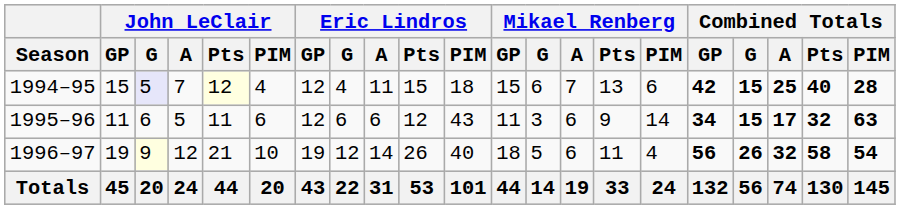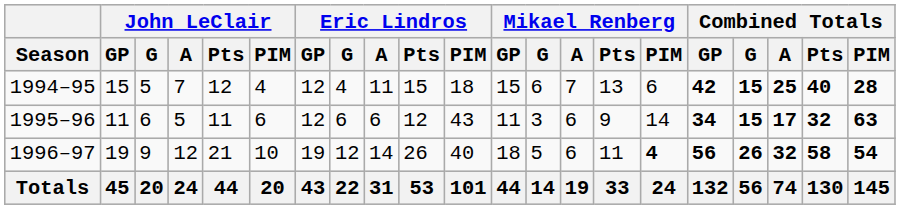 <table class="wikitable">
 <tr>
 <th></th>
 <th colspan="5"><a href='#'>John LeClair</a></th>
 <th colspan="5"><a href='#'>Eric Lindros</a></th>
 <th colspan="5"><a href='#'>Mikael Renberg</a></th>
 <th colspan="5">Combined Totals</th>
 </tr>
 <tr>
 <th>Season</th>
 <th>GP</th>
 <th>G</th>
 <th>A</th>
 <th>Pts</th>
 <th>PIM</th>
 <th>GP</th>
 <th>G</th>
 <th>A</th>
 <th>Pts</th>
 <th>PIM</th>
 <th>GP</th>
 <th>G</th>
 <th>A</th>
 <th>Pts</th>
 <th>PIM</th>
 <th>GP</th>
 <th>G</th>
 <th>A</th>
 <th>Pts</th>
 <th>PIM</th>
 </tr>
 <tr>
 <td>1994–95</td>
 <td>15</td>
-<td style="background: lavender;">5</td>
+<td>5</td>
 <td>7</td>
-<td style="background: lightyellow;">12</td>
+<td>12</td>
 <td>4</td>
 <td>12</td>
 <td>4</td>
 <td>11</td>
 <td>15</td>
 <td>18</td>
 <td>15</td>
 <td>6</td>
 <td>7</td>
 <td>13</td>
 <td>6</td>
 <td><strong>42</strong></td>
 <td><strong>15</strong></td>
 <td><strong>25</strong></td>
 <td><strong>40</strong></td>
 <td><strong>28</strong></td>
 </tr>
 <tr>
 <td>1995–96</td>
 <td>11</td>
 <td>6</td>
 <td>5</td>
 <td>11</td>
 <td>6</td>
 <td>12</td>
 <td>6</td>
 <td>6</td>
 <td>12</td>
 <td>43</td>
 <td>11</td>
 <td>3</td>
 <td>6</td>
 <td>9</td>
 <td>14</td>
 <td><strong>34</strong></td>
 <td><strong>15</strong></td>
 <td><strong>17</strong></td>
 <td><strong>32</strong></td>
 <td><strong>63</strong></td>
 </tr>
 <tr>
 <td>1996–97</td>
 <td>19</td>
-<td style="background: lightyellow;">9</td>
+<td>9</td>
 <td>12</td>
 <td>21</td>
 <td>10</td>
 <td>19</td>
 <td>12</td>
 <td>14</td>
 <td>26</td>
 <td>40</td>
 <td>18</td>
 <td>5</td>
 <td>6</td>
 <td>11</td>
-<td>4</td>
+<td><strong>4</strong></td>
 <td><strong>56</strong></td>
 <td><strong>26</strong></td>
 <td><strong>32</strong></td>
 <td><strong>58</strong></td>
 <td><strong>54</strong></td>
 </tr>
 <tr>
 <th>Totals</th>
 <th>45</th>
 <th>20</th>
 <th>24</th>
 <th>44</th>
 <th>20</th>
 <th>43</th>
 <th>22</th>
 <th>31</th>
 <th>53</th>
 <th>101</th>
 <th>44</th>
 <th>14</th>
 <th>19</th>
 <th>33</th>
 <th>24</th>
 <th>132</th>
 <th>56</th>
 <th>74</th>
 <th>130</th>
 <th>145</th>
 </tr>
 </table>
